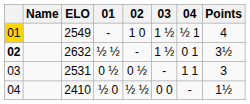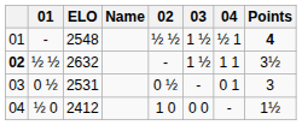 <table class="wikitable" style="text-align:center;">
 <tr>
 <th></th>
+<th>01</th>
+<th>ELO</th>
 <th>Name</th>
-<th>ELO</th>
-<th>01</th>
 <th>02</th>
 <th>03</th>
 <th>04</th>
 <th>Points</th>
 </tr>
 <tr>
-<td style="background: gold;">01</td>
+<td>01</td>
+<td>-</td>
+<td>2548</td>
 <td style="text-align:left;" data-sort-value="Pichot"></td>
-<td>2549</td>
-<td>-</td>
-<td>1 0</td>
+<td>½ ½</td>
 <td>1 ½</td>
 <td>½ 1</td>
-<td>4</td>
+<td><strong>4</strong></td>
 </tr>
 <tr>
 <td><strong>02</strong></td>
+<td>½ ½</td>
+<td>2632</td>
 <td style="text-align:left;" data-sort-value="Grandelius"></td>
-<td>2632</td>
-<td>½ ½</td>
 <td>-</td>
 <td>1 ½</td>
-<td>0 1</td>
+<td>1 1</td>
 <td>3½</td>
 </tr>
 <tr>
 <td>03</td>
+<td>0 ½</td>
+<td>2531</td>
 <td style="text-align:left;" data-sort-value="Tari"></td>
-<td>2531</td>
-<td>0 ½</td>
 <td>0 ½</td>
 <td>-</td>
-<td>1 1</td>
+<td>0 1</td>
 <td>3</td>
 </tr>
 <tr>
 <td>04</td>
+<td>½ 0</td>
+<td>2412</td>
 <td style="text-align:left;" data-sort-value="Warmerdam"></td>
-<td>2410</td>
-<td>½ 0</td>
-<td>½ ½</td>
+<td>1 0</td>
 <td>0 0</td>
 <td>-</td>
 <td>1½</td>
 </tr>
 </table>
